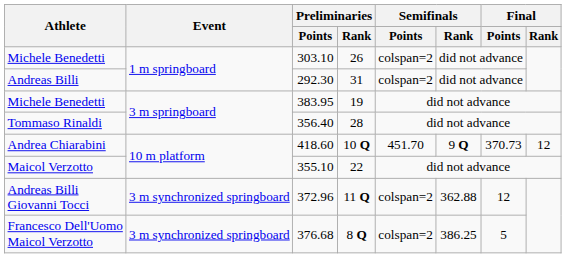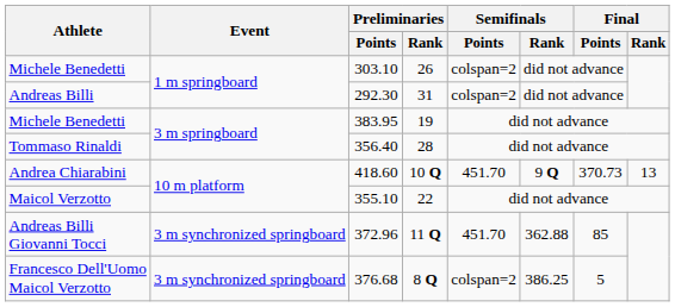 <table class=wikitable style="font-size:90%;">
 <tr>
 <th rowspan="2">Athlete</th>
 <th rowspan="2">Event</th>
 <th colspan="2">Preliminaries</th>
 <th colspan="2">Semifinals</th>
 <th colspan="2">Final</th>
 </tr>
 <tr style="font-size:95%">
 <th>Points</th>
 <th>Rank</th>
 <th>Points</th>
 <th>Rank</th>
 <th>Points</th>
 <th>Rank</th>
 </tr>
 <tr align=center>
 <td align=left><a href='#'>Michele Benedetti</a></td>
 <td align=left rowspan=2><a href='#'>1 m springboard</a></td>
 <td>303.10</td>
 <td>26</td>
 <td>colspan=2 </td>
 <td colspan=2>did not advance</td>
 </tr>
 <tr align=center>
 <td align=left><a href='#'>Andreas Billi</a></td>
 <td>292.30</td>
 <td>31</td>
 <td>colspan=2 </td>
 <td colspan=2>did not advance</td>
 </tr>
 <tr align=center>
 <td align=left><a href='#'>Michele Benedetti</a></td>
 <td align=left rowspan=2><a href='#'>3 m springboard</a></td>
 <td>383.95</td>
 <td>19</td>
 <td colspan=4>did not advance</td>
 </tr>
 <tr align=center>
 <td align=left><a href='#'>Tommaso Rinaldi</a></td>
 <td>356.40</td>
 <td>28</td>
 <td colspan=4>did not advance</td>
 </tr>
 <tr align=center>
 <td align=left><a href='#'>Andrea Chiarabini</a></td>
 <td align=left rowspan=2><a href='#'>10 m platform</a></td>
 <td>418.60</td>
 <td>10 <strong>Q</strong></td>
 <td>451.70</td>
 <td>9 <strong>Q</strong></td>
 <td>370.73</td>
-<td>12</td>
+<td>13</td>
 </tr>
 <tr align=center>
 <td align=left><a href='#'>Maicol Verzotto</a></td>
 <td>355.10</td>
 <td>22</td>
 <td colspan=4>did not advance</td>
 </tr>
 <tr align=center>
 <td align=left><a href='#'>Andreas Billi</a><br><a href='#'>Giovanni Tocci</a></td>
 <td align=left><a href='#'>3 m synchronized springboard</a></td>
 <td>372.96</td>
 <td>11 <strong>Q</strong></td>
-<td>colspan=2 </td>
+<td>451.70</td>
 <td>362.88</td>
-<td>12</td>
+<td>85</td>
 </tr>
 <tr align=center>
 <td align=left><a href='#'>Francesco Dell'Uomo</a><br><a href='#'>Maicol Verzotto</a></td>
 <td align=left><a href='#'>3 m synchronized springboard</a></td>
 <td>376.68</td>
 <td>8 <strong>Q</strong></td>
 <td>colspan=2 </td>
 <td>386.25</td>
 <td>5</td>
 </tr>
 </table>
